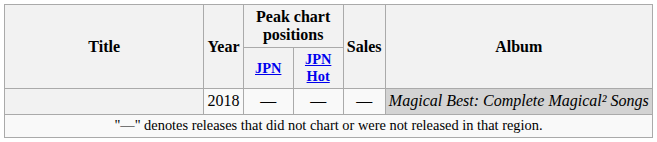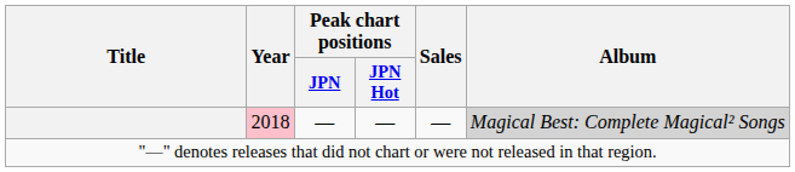 <table class="wikitable plainrowheaders" style="text-align:center;">
 <tr>
 <th scope="col" rowspan="2" style="width:12em;">Title</th>
 <th scope="col" rowspan="2">Year</th>
 <th scope="col" colspan="2">Peak chart positions</th>
 <th scope="col" rowspan="2">Sales</th>
 <th scope="col" rowspan="2">Album</th>
 </tr>
 <tr>
 <th scope="col" style="width:3em;font-size:90%;"><a href='#'>JPN</a></th>
 <th scope="col" style="width:3em;font-size:90%;"><a href='#'>JPN<br>Hot</a></th>
 </tr>
 <tr>
 <th scope="row"></th>
-<td>2018</td>
+<td style="background: pink;">2018</td>
 <td>—</td>
 <td>—</td>
 <td>—</td>
 <td style="background: lightgrey;"><em>Magical Best: Complete Magical² Songs</em></td>
 </tr>
 <tr>
 <td colspan="6" style="font-size:90%;">"—" denotes releases that did not chart or were not released in that region.</td>
 </tr>
 <tr>
 </tr>
 </table>
